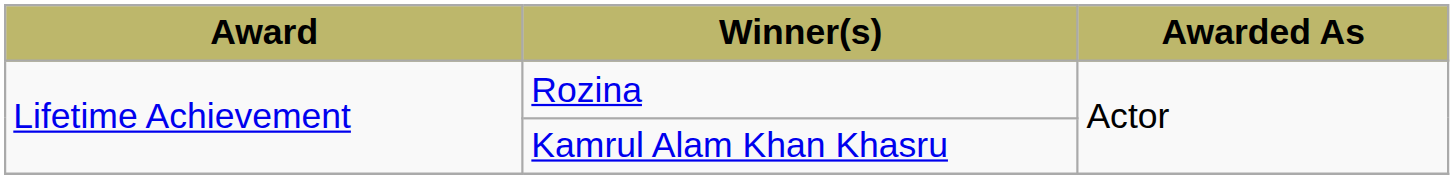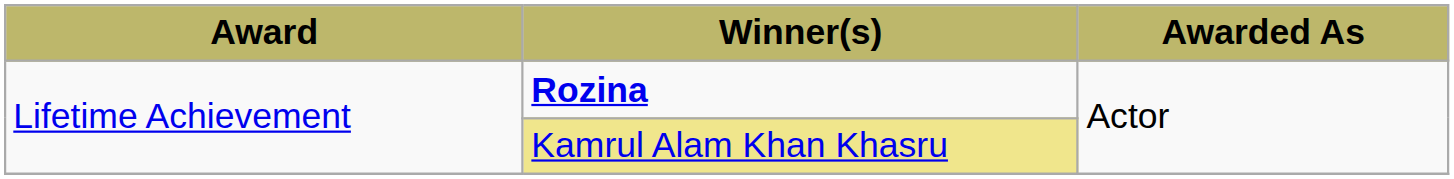 <table class="wikitable plainrowheaders;">
 <tr>
 <th style="background-color:#BDB76B;width:28%;">Award</th>
 <th style="background-color:#BDB76B;width:30%;">Winner(s)</th>
 <th style="background-color:#BDB76B;width:20%;">Awarded As</th>
 </tr>
 <tr>
 <td rowspan="2"><a href='#'>Lifetime Achievement</a></td>
-<td><a href='#'>Rozina</a></td>
+<td><strong><a href='#'>Rozina</a></strong></td>
 <td rowspan="2">Actor</td>
 </tr>
 <tr>
-<td><a href='#'>Kamrul Alam Khan Khasru</a></td>
+<td style="background: khaki;"><a href='#'>Kamrul Alam Khan Khasru</a></td>
 </tr>
 <tr>
 </tr>
 </table>
